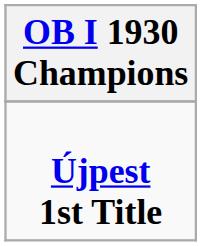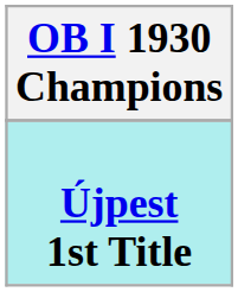 <table class="wikitable" style="text-align: center; margin: 0 auto;">
 <tr>
 <th><a href='#'>OB I</a> 1930<br>Champions</th>
 </tr>
 <tr>
 </tr>
 <tr>
-<td> <br><strong><a href='#'>Újpest</a></strong><br><strong>1st Title</strong></td>
+<td style="background: paleturquoise;"> <br><strong><a href='#'>Újpest</a></strong><br><strong>1st Title</strong></td>
 </tr>
 </table>
